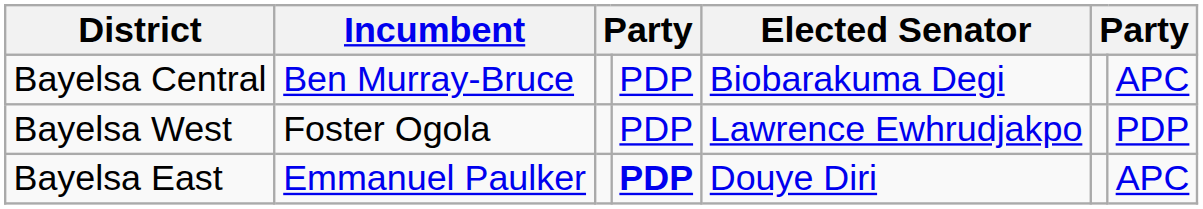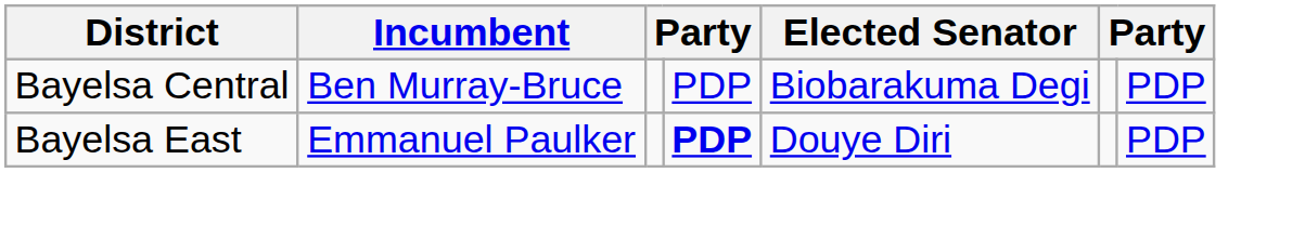 <table class="sortable wikitable" style="font-size:95%;line-height:14px;">
 <tr>
 <th class="unsortable">District</th>
 <th class="unsortable"><a href='#'>Incumbent</a></th>
 <th colspan="2">Party</th>
 <th class="unsortable">Elected Senator</th>
 <th colspan="2">Party</th>
 </tr>
 <tr>
 <td>Bayelsa Central</td>
 <td><a href='#'>Ben Murray-Bruce</a></td>
 <td style="background:"></td>
 <td><a href='#'>PDP</a></td>
 <td><a href='#'>Biobarakuma Degi</a></td>
 <td style="background:"></td>
-<td><a href='#'>APC</a></td>
-</tr>
-<tr>
-<td>Bayelsa West</td>
-<td>Foster Ogola</td>
-<td style="background:"></td>
-<td><a href='#'>PDP</a></td>
-<td><a href='#'>Lawrence Ewhrudjakpo</a></td>
-<td style="background:"></td>
 <td><a href='#'>PDP</a></td>
 </tr>
 <tr>
 <td>Bayelsa East</td>
 <td><a href='#'>Emmanuel Paulker</a></td>
 <td style="background:"></td>
 <td><strong><a href='#'>PDP</a></strong></td>
 <td><a href='#'>Douye Diri</a></td>
 <td style="background:"></td>
-<td><a href='#'>APC</a></td>
+<td><a href='#'>PDP</a></td>
 </tr>
 </table>
